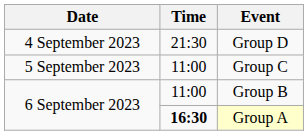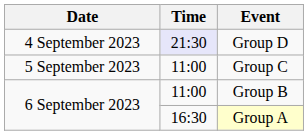 <table class = "wikitable" style="text-align:center;">
 <tr>
 <th width=150>Date</th>
 <th width=50>Time</th>
 <th width=80>Event</th>
 </tr>
 <tr>
 <td>4 September 2023</td>
-<td>21:30</td>
+<td style="background: lavender;">21:30</td>
 <td>Group D</td>
 </tr>
 <tr>
 <td>5 September 2023</td>
 <td>11:00</td>
 <td>Group C</td>
 </tr>
 <tr>
 <td rowspan=2>6 September 2023</td>
 <td>11:00</td>
 <td>Group B</td>
 </tr>
 <tr>
-<td><strong>16:30</strong></td>
+<td>16:30</td>
 <td bgcolor=ffffcc>Group A</td>
 </tr>
 </table>
